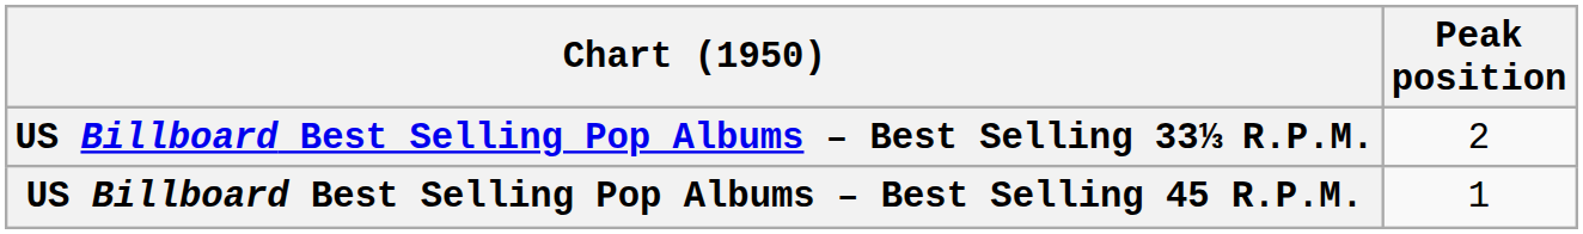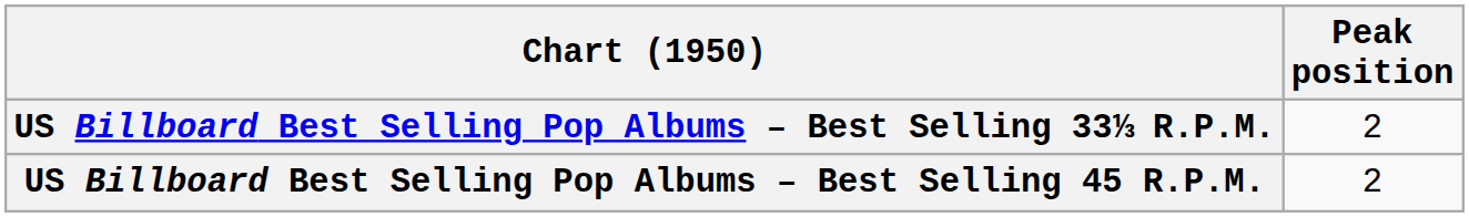 <table class="wikitable plainrowheaders" style="text-align:center">
 <tr>
 <th scope="col">Chart (1950)</th>
 <th scope="col">Peak<br>position</th>
 </tr>
 <tr>
 <th scope="row" align="left">US <a href='#'><em>Billboard</em> Best Selling Pop Albums</a> – Best Selling 33⅓ R.P.M.</th>
 <td>2</td>
 </tr>
 <tr>
 <th scope="row" align="left">US <em>Billboard</em> Best Selling Pop Albums – Best Selling 45 R.P.M.</th>
-<td>1</td>
+<td>2</td>
 </tr>
 </table>
